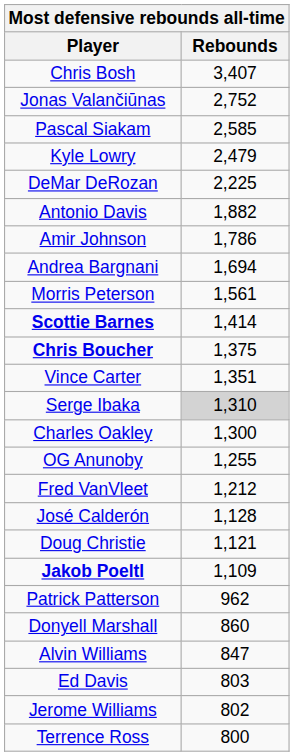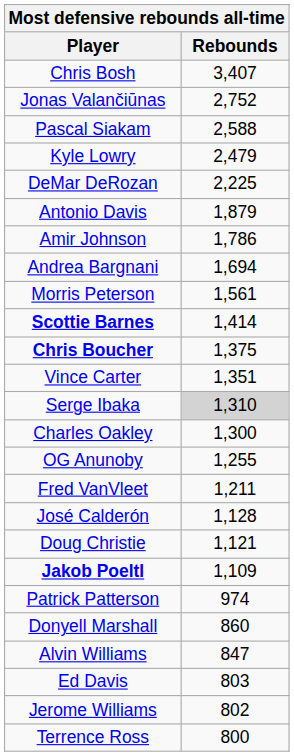 <table class="wikitable sortable" style="text-align:center">
 <tr>
 <th colspan="2">Most defensive rebounds all-time</th>
 </tr>
 <tr>
 <th>Player</th>
 <th>Rebounds</th>
 </tr>
 <tr>
 <td><a href='#'>Chris Bosh</a></td>
 <td>3,407</td>
 </tr>
 <tr>
 <td><a href='#'>Jonas Valančiūnas</a></td>
 <td>2,752</td>
 </tr>
 <tr>
 <td><a href='#'>Pascal Siakam</a></td>
-<td>2,585</td>
+<td>2,588</td>
 </tr>
 <tr>
 <td><a href='#'>Kyle Lowry</a></td>
 <td>2,479</td>
 </tr>
 <tr>
 <td><a href='#'>DeMar DeRozan</a></td>
 <td>2,225</td>
 </tr>
 <tr>
 <td><a href='#'>Antonio Davis</a></td>
-<td>1,882</td>
+<td>1,879</td>
 </tr>
 <tr>
 <td><a href='#'>Amir Johnson</a></td>
 <td>1,786</td>
 </tr>
 <tr>
 <td><a href='#'>Andrea Bargnani</a></td>
 <td>1,694</td>
 </tr>
 <tr>
 <td><a href='#'>Morris Peterson</a></td>
 <td>1,561</td>
 </tr>
 <tr>
 <td><strong><a href='#'>Scottie Barnes</a></strong></td>
 <td>1,414</td>
 </tr>
 <tr>
 <td><strong><a href='#'>Chris Boucher</a></strong></td>
 <td>1,375</td>
 </tr>
 <tr>
 <td><a href='#'>Vince Carter</a></td>
 <td>1,351</td>
 </tr>
 <tr>
 <td><a href='#'>Serge Ibaka</a></td>
 <td style="background: lightgrey;">1,310</td>
 </tr>
 <tr>
 <td><a href='#'>Charles Oakley</a></td>
 <td>1,300</td>
 </tr>
 <tr>
 <td><a href='#'>OG Anunoby</a></td>
 <td>1,255</td>
 </tr>
 <tr>
 <td><a href='#'>Fred VanVleet</a></td>
-<td>1,212</td>
+<td>1,211</td>
 </tr>
 <tr>
 <td><a href='#'>José Calderón</a></td>
 <td>1,128</td>
 </tr>
 <tr>
 <td><a href='#'>Doug Christie</a></td>
 <td>1,121</td>
 </tr>
 <tr>
 <td><strong><a href='#'>Jakob Poeltl</a></strong></td>
 <td>1,109</td>
 </tr>
 <tr>
 <td><a href='#'>Patrick Patterson</a></td>
-<td>962</td>
+<td>974</td>
 </tr>
 <tr>
 <td><a href='#'>Donyell Marshall</a></td>
 <td>860</td>
 </tr>
 <tr>
 <td><a href='#'>Alvin Williams</a></td>
 <td>847</td>
 </tr>
 <tr>
 <td><a href='#'>Ed Davis</a></td>
 <td>803</td>
 </tr>
 <tr>
 <td><a href='#'>Jerome Williams</a></td>
 <td>802</td>
 </tr>
 <tr>
 <td><a href='#'>Terrence Ross</a></td>
 <td>800</td>
 </tr>
 </table>
